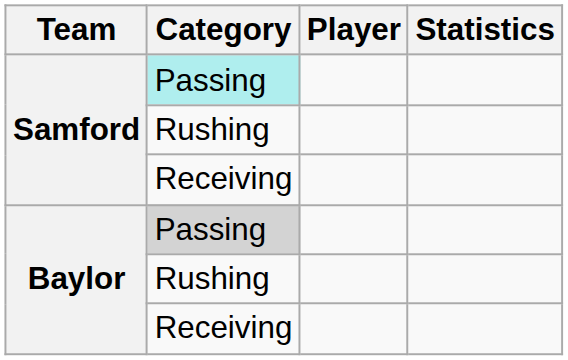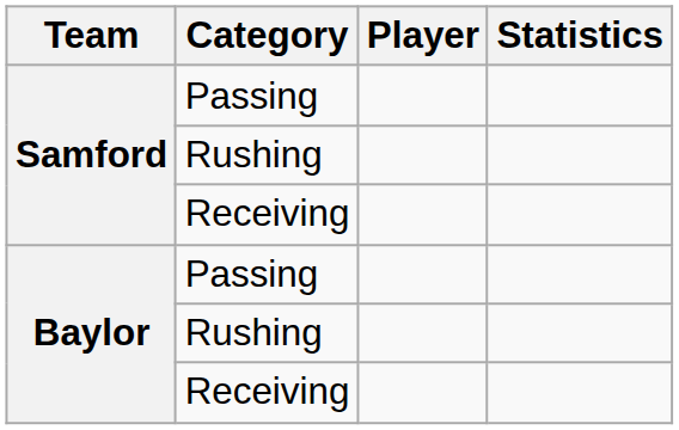 <table class="wikitable" style="float:right">
 <tr>
 <th>Team</th>
 <th>Category</th>
 <th>Player</th>
 <th>Statistics</th>
 </tr>
 <tr>
 <th rowspan=3>Samford</th>
-<td style="background: paleturquoise;">Passing</td>
+<td>Passing</td>
 <td></td>
 <td></td>
 </tr>
 <tr>
 <td>Rushing</td>
 <td></td>
 <td></td>
 </tr>
 <tr>
 <td>Receiving</td>
 <td></td>
 <td></td>
 </tr>
 <tr>
 <th rowspan=3>Baylor</th>
-<td style="background: lightgrey;">Passing</td>
+<td>Passing</td>
 <td></td>
 <td></td>
 </tr>
 <tr>
 <td>Rushing</td>
 <td></td>
 <td></td>
 </tr>
 <tr>
 <td>Receiving</td>
 <td></td>
 <td></td>
 </tr>
 </table>
